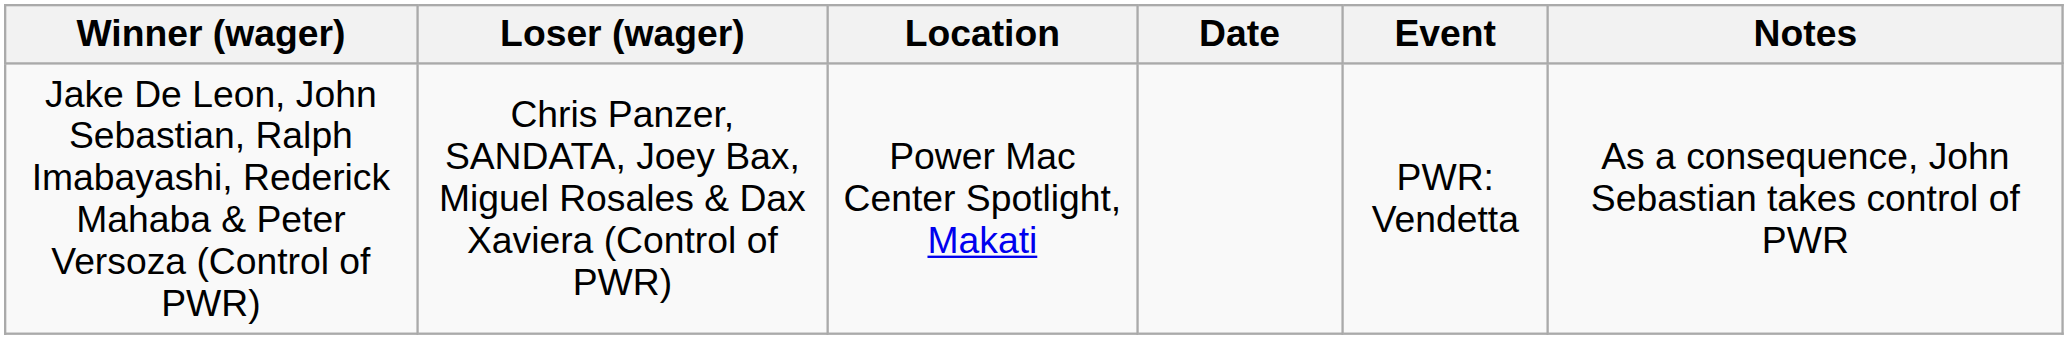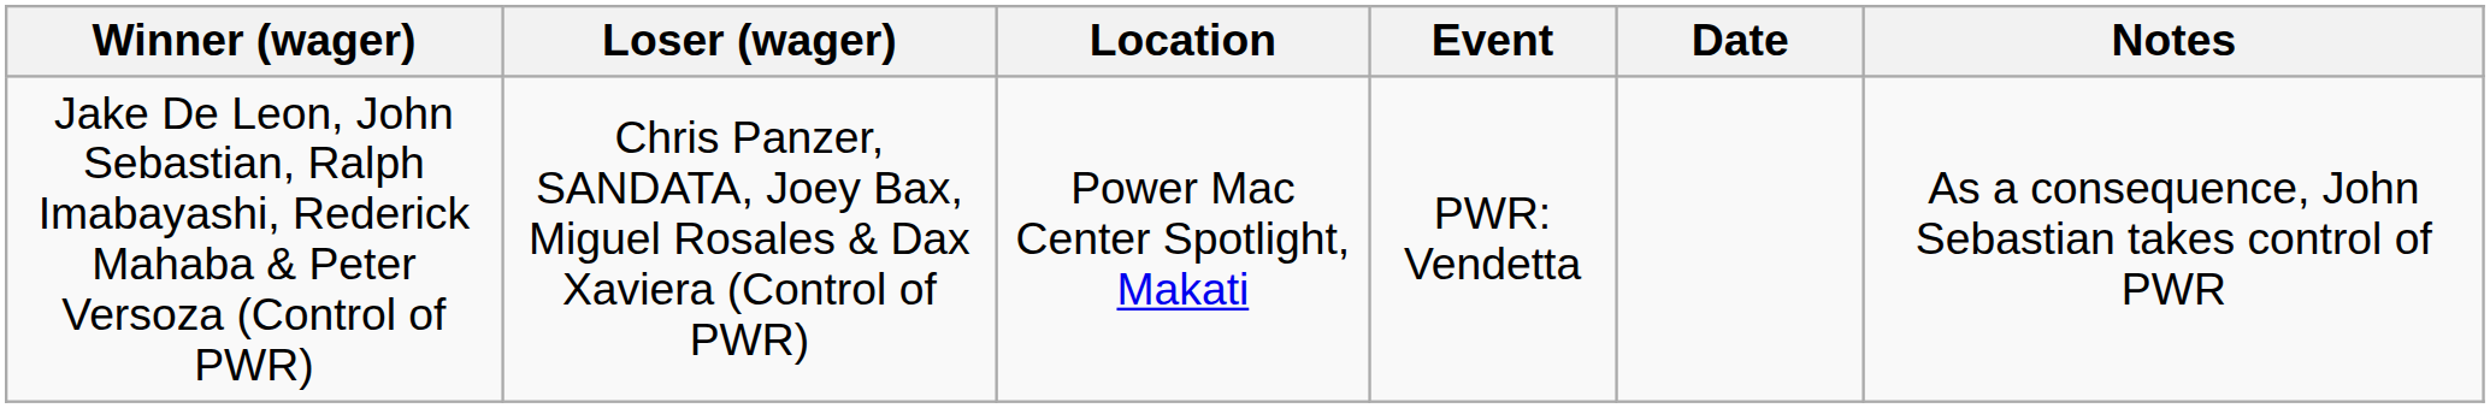 <table class="wikitable" style="width:100%;">
 <tr>
 <th style="width:20%;">Winner (wager)</th>
 <th style="width:20%;">Loser (wager)</th>
 <th style="width:15%;">Location</th>
+<th style="width:10%;">Event</th>
 <th style="width:10%;">Date</th>
-<th style="width:10%;">Event</th>
 <th style="width:30%;">Notes</th>
 </tr>
 <tr style="text-align:center;">
 <td>Jake De Leon, John Sebastian, Ralph Imabayashi, Rederick Mahaba & Peter Versoza  (Control of PWR)</td>
 <td>Chris Panzer, SANDATA, Joey Bax, Miguel Rosales & Dax Xaviera (Control of PWR)</td>
 <td>Power Mac Center Spotlight, <a href='#'>Makati</a></td>
+<td>PWR: Vendetta</td>
 <td></td>
-<td>PWR: Vendetta</td>
 <td>As a consequence, John Sebastian takes control of PWR</td>
 </tr>
 </table>
